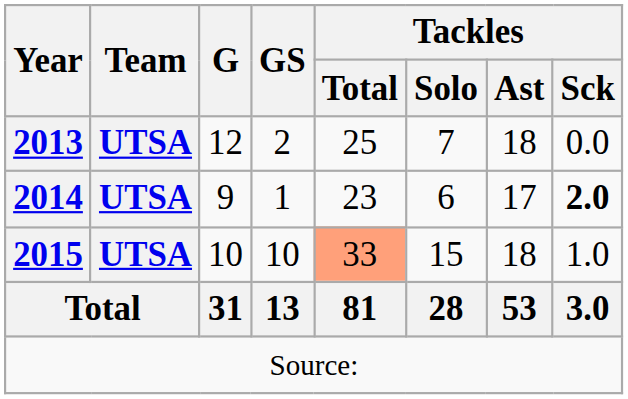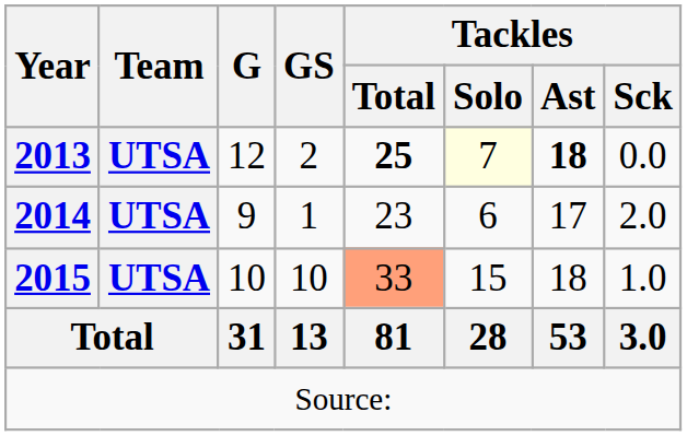 <table class="wikitable" style="text-align: center;">
 <tr>
 <th rowspan=2>Year</th>
 <th rowspan=2>Team</th>
 <th rowspan=2>G</th>
 <th rowspan=2>GS</th>
 <th colspan=4>Tackles</th>
 </tr>
 <tr>
 <th>Total</th>
 <th>Solo</th>
 <th>Ast</th>
 <th>Sck</th>
 </tr>
 <tr>
 <th><a href='#'>2013</a></th>
 <th><a href='#'>UTSA</a></th>
 <td>12</td>
 <td>2</td>
-<td>25</td>
-<td>7</td>
-<td>18</td>
+<td><strong>25</strong></td>
+<td style="background: lightyellow;">7</td>
+<td><strong>18</strong></td>
 <td>0.0</td>
 </tr>
 <tr>
 <th><a href='#'>2014</a></th>
 <th><a href='#'>UTSA</a></th>
 <td>9</td>
 <td>1</td>
 <td>23</td>
 <td>6</td>
 <td>17</td>
-<td><strong>2.0</strong></td>
+<td>2.0</td>
 </tr>
 <tr>
 <th><a href='#'>2015</a></th>
 <th><a href='#'>UTSA</a></th>
 <td>10</td>
 <td>10</td>
 <td style="background: lightsalmon;">33</td>
 <td>15</td>
 <td>18</td>
 <td>1.0</td>
 </tr>
 <tr>
 <th colspan=2>Total</th>
 <th>31</th>
 <th>13</th>
 <th>81</th>
 <th>28</th>
 <th>53</th>
 <th>3.0</th>
 </tr>
 <tr>
 <td colspan="8"><small>Source: </small></td>
 </tr>
 </table>
